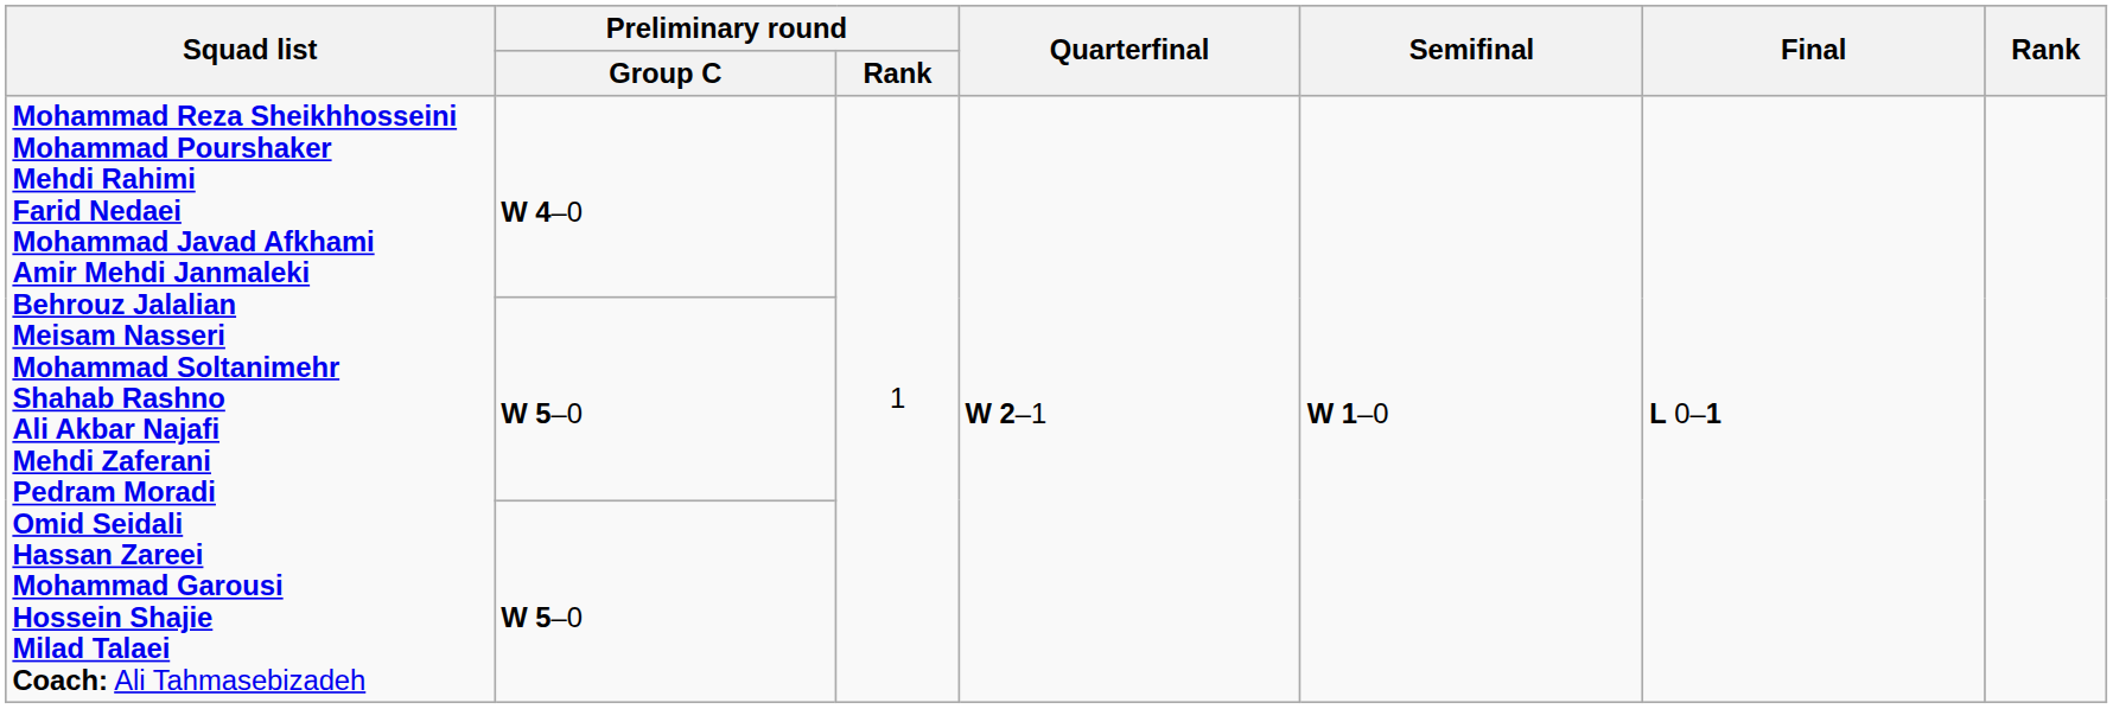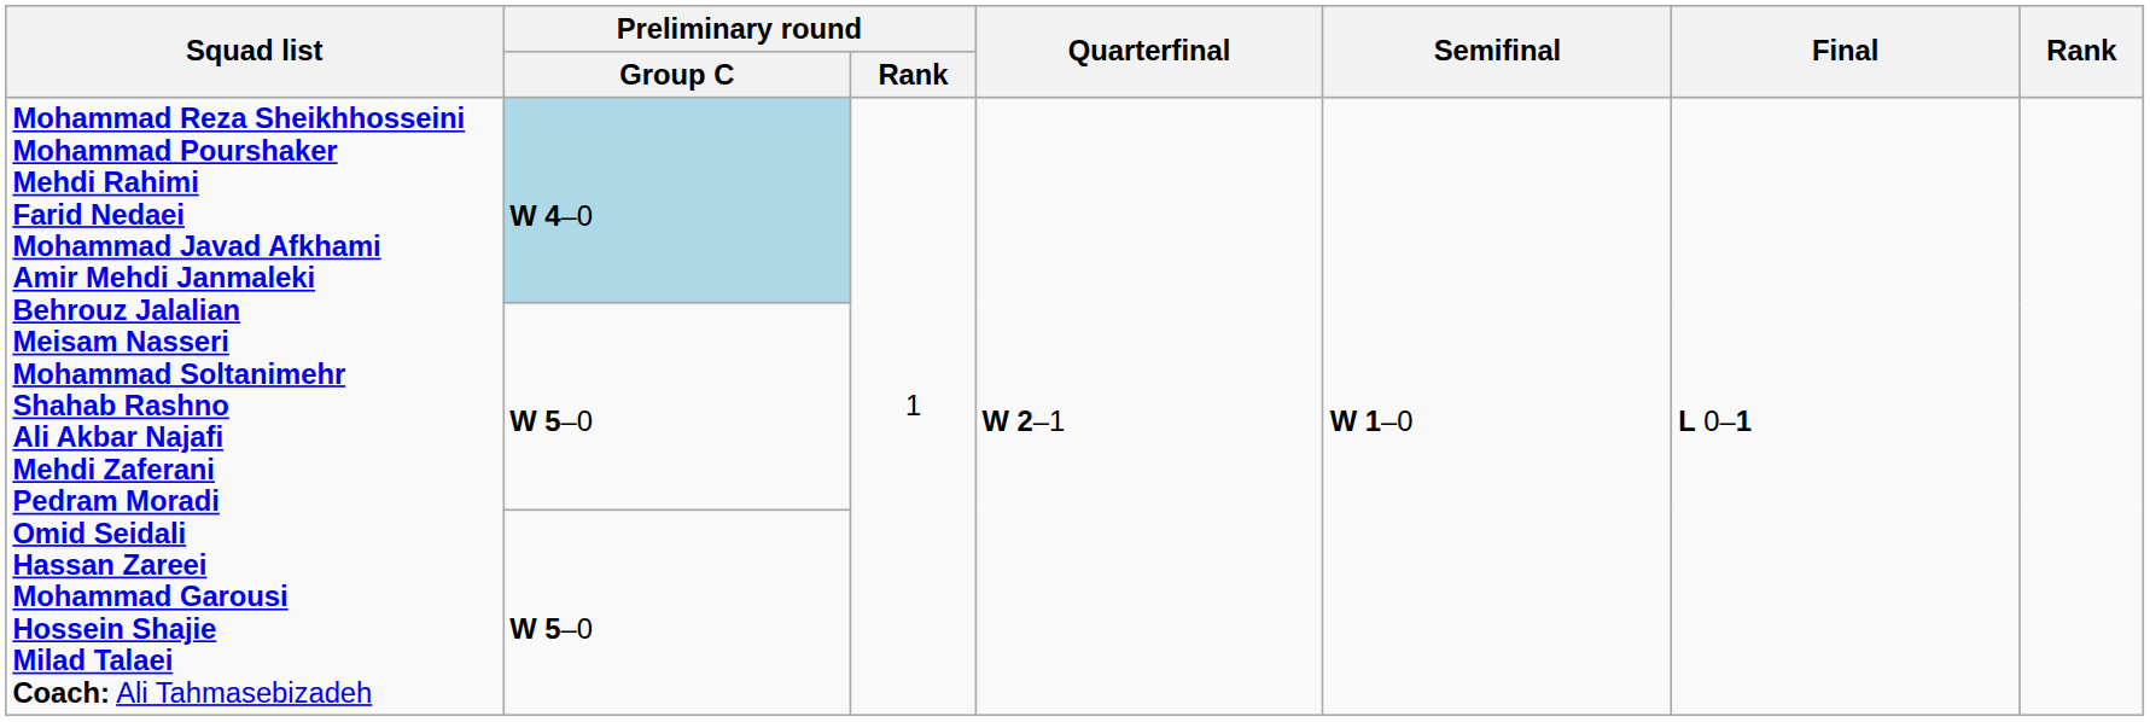 <table class="wikitable" width="85%" style="text-align:left; font-size:90%">
 <tr>
 <th rowspan="2" width="20%">Squad list</th>
 <th colspan="2">Preliminary round</th>
 <th rowspan="2" width="14%">Quarterfinal</th>
 <th rowspan="2" width="14%">Semifinal</th>
 <th rowspan="2" width="14%">Final</th>
 <th rowspan="2" width="5%">Rank</th>
 </tr>
 <tr>
 <th width="14%">Group C</th>
 <th width="5%">Rank</th>
 </tr>
 <tr>
 <td rowspan="3"><strong><a href='#'>Mohammad Reza Sheikhhosseini</a><br><a href='#'>Mohammad Pourshaker</a><br><a href='#'>Mehdi Rahimi</a><br><a href='#'>Farid Nedaei</a><br><a href='#'>Mohammad Javad Afkhami</a><br><a href='#'>Amir Mehdi Janmaleki</a><br><a href='#'>Behrouz Jalalian</a><br><a href='#'>Meisam Nasseri</a><br><a href='#'>Mohammad Soltanimehr</a><br><a href='#'>Shahab Rashno</a><br><a href='#'>Ali Akbar Najafi</a><br><a href='#'>Mehdi Zaferani</a><br><a href='#'>Pedram Moradi</a><br><a href='#'>Omid Seidali</a><br><a href='#'>Hassan Zareei</a><br><a href='#'>Mohammad Garousi</a><br><a href='#'>Hossein Shajie</a><br><a href='#'>Milad Talaei</a><br>Coach:</strong> <a href='#'>Ali Tahmasebizadeh</a></td>
-<td><br><strong>W</strong> <strong>4</strong>–0</td>
+<td style="background: lightblue;"><br><strong>W</strong> <strong>4</strong>–0</td>
 <td rowspan="3" align=center>1 <strong></strong></td>
 <td rowspan="3"><br><strong>W</strong> <strong>2</strong>–1</td>
 <td rowspan="3"><br><strong>W</strong> <strong>1</strong>–0</td>
 <td rowspan="3"><br><strong>L</strong> 0–<strong>1</strong></td>
 <td rowspan="3" align="center"></td>
 </tr>
 <tr>
 <td><br><strong>W</strong> <strong>5</strong>–0</td>
 </tr>
 <tr>
 <td><br><strong>W</strong> <strong>5</strong>–0</td>
 </tr>
 </table>
